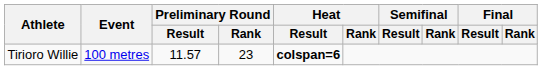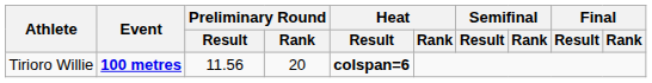 <table class=wikitable style=font-size:90%>
 <tr>
 <th rowspan=2>Athlete</th>
 <th rowspan=2>Event</th>
 <th colspan=2>Preliminary Round</th>
 <th colspan=2>Heat</th>
 <th colspan=2>Semifinal</th>
 <th colspan=2>Final</th>
 </tr>
 <tr style=font-size:95%>
 <th>Result</th>
 <th>Rank</th>
 <th>Result</th>
 <th>Rank</th>
 <th>Result</th>
 <th>Rank</th>
 <th>Result</th>
 <th>Rank</th>
 </tr>
 <tr align=center>
 <td align=left>Tirioro Willie</td>
-<td align=left><a href='#'>100 metres</a></td>
-<td>11.57</td>
-<td>23</td>
+<td align=left><strong><a href='#'>100 metres</a></strong></td>
+<td>11.56</td>
+<td>20</td>
 <td><strong>colspan=6 </strong></td>
 </tr>
 </table>
